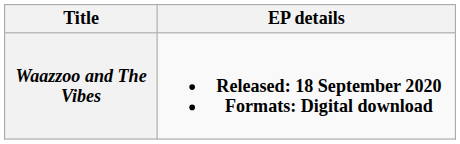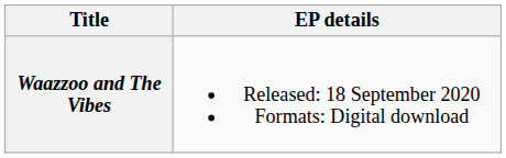 <table class="wikitable plainrowheaders" style="text-align:center;">
 <tr>
 <th scope="col" style="width:8em;">Title</th>
 <th scope="col" style="width:16em;">EP details</th>
 </tr>
 <tr>
 <th scope="row"><em>Waazzoo and The Vibes</em></th>
-<td><strong><br><ul><li>Released: 18 September 2020</li><li>Formats: Digital download</li></ul></strong></td>
+<td><br><ul><li>Released: 18 September 2020</li><li>Formats: Digital download</li></ul></td>
 </tr>
 </table>
